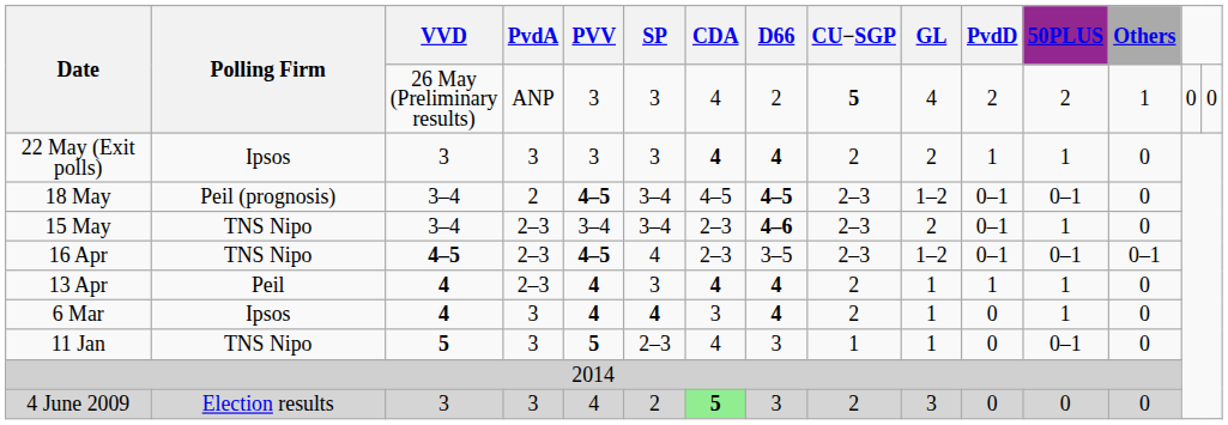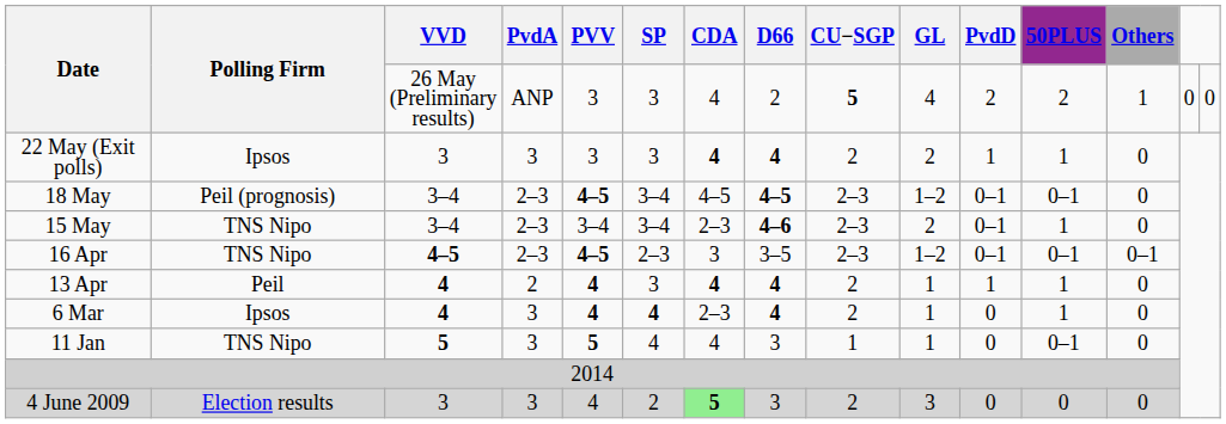 <table class="wikitable sortable" style="text-align:center;font-size:95%;line-height:14px">
 <tr style="height:42px; background:#e9e9e9;">
 <th style="width:100px;" rowspan="2">Date</th>
 <th style="width:165px;" rowspan="2">Polling Firm</th>
 <th class="unsortable" style="width:5%; background:"><a href='#'><span>VVD</span></a></th>
 <th class="unsortable" style="width:5%; background:"><a href='#'><span>PvdA</span></a></th>
 <th class="unsortable" style="width:5%; background:"><a href='#'><span>PVV</span></a></th>
 <th class="unsortable" style="width:5%; background:"><a href='#'><span>SP</span></a></th>
 <th class="unsortable" style="width:5%; background:"><a href='#'><span>CDA</span></a></th>
 <th class="unsortable" style="width:5%; background:"><a href='#'><span>D66</span></a></th>
 <th class="unsortable" style="width:5%; background:"><a href='#'><span>CU</span></a><span>−</span><a href='#'><span>SGP</span></a></th>
 <th class="unsortable" style="width:5%; background:"><a href='#'><span>GL</span></a></th>
 <th class="unsortable" style="width:5%; background:"><a href='#'><span>PvdD</span></a></th>
 <th class="unsortable" style="width:5%; background:#92278F;"><a href='#'><span>50PLUS</span></a></th>
 <th class="unsortable" style="width:5%; background:#aaa;"><a href='#'><span>Others</span></a></th>
 </tr>
 <tr>
 <td>26 May (Preliminary results)</td>
 <td>ANP</td>
 <td>3</td>
 <td>3</td>
 <td>4</td>
 <td>2</td>
 <td style=background:><strong>5</strong></td>
 <td>4</td>
 <td>2</td>
 <td>2</td>
 <td>1</td>
 <td>0</td>
 <td>0</td>
 </tr>
 <tr>
 <td>22 May (Exit polls)</td>
 <td>Ipsos</td>
 <td>3</td>
 <td>3</td>
 <td>3</td>
 <td>3</td>
 <td><strong>4</strong></td>
 <td><strong>4</strong></td>
 <td>2</td>
 <td>2</td>
 <td>1</td>
 <td>1</td>
 <td>0</td>
 </tr>
 <tr>
 <td>18 May</td>
 <td>Peil (prognosis)</td>
 <td>3–4</td>
-<td>2</td>
+<td>2–3</td>
 <td><strong>4–5</strong></td>
 <td>3–4</td>
 <td>4–5</td>
 <td><strong>4–5</strong></td>
 <td>2–3</td>
 <td>1–2</td>
 <td>0–1</td>
 <td>0–1</td>
 <td>0</td>
 </tr>
 <tr>
 <td>15 May</td>
 <td>TNS Nipo</td>
 <td>3–4</td>
 <td>2–3</td>
 <td>3–4</td>
 <td>3–4</td>
 <td>2–3</td>
 <td style=background:><strong>4–6</strong></td>
 <td>2–3</td>
 <td>2</td>
 <td>0–1</td>
 <td>1</td>
 <td>0</td>
 </tr>
 <tr>
 <td>16 Apr</td>
 <td>TNS Nipo</td>
 <td><strong>4–5</strong></td>
 <td>2–3</td>
 <td><strong>4–5</strong></td>
-<td>4</td>
 <td>2–3</td>
+<td>3</td>
 <td>3–5</td>
 <td>2–3</td>
 <td>1–2</td>
 <td>0–1</td>
 <td>0–1</td>
 <td>0–1</td>
 </tr>
 <tr>
 <td>13 Apr</td>
 <td>Peil</td>
 <td><strong>4</strong></td>
-<td>2–3</td>
+<td>2</td>
 <td><strong>4</strong></td>
 <td>3</td>
 <td><strong>4</strong></td>
 <td><strong>4</strong></td>
 <td>2</td>
 <td>1</td>
 <td>1</td>
 <td>1</td>
 <td>0</td>
 </tr>
 <tr>
 <td>6 Mar</td>
 <td>Ipsos</td>
 <td><strong>4</strong></td>
 <td>3</td>
 <td><strong>4</strong></td>
 <td><strong>4</strong></td>
-<td>3</td>
+<td>2–3</td>
 <td><strong>4</strong></td>
 <td>2</td>
 <td>1</td>
 <td>0</td>
 <td>1</td>
 <td>0</td>
 </tr>
 <tr>
 <td>11 Jan</td>
 <td>TNS Nipo</td>
 <td><strong>5</strong></td>
 <td>3</td>
 <td><strong>5</strong></td>
-<td>2–3</td>
+<td>4</td>
 <td>4</td>
 <td>3</td>
 <td>1</td>
 <td>1</td>
 <td>0</td>
 <td>0–1</td>
 <td>0</td>
 </tr>
 <tr>
 <td colspan="13" style="background:#D0D0D0; color:black">2014</td>
 </tr>
 <tr>
 <td style="background:#D5D5D5">4 June 2009</td>
 <td style="background:#D5D5D5"><a href='#'>Election</a> results</td>
 <td style="background:#D5D5D5">3</td>
 <td style="background:#D5D5D5">3</td>
 <td style="background:#D5D5D5">4</td>
 <td style="background:#D5D5D5">2</td>
 <td style="background:lightgreen"><strong>5</strong></td>
 <td style="background:#D5D5D5">3</td>
 <td style="background:#D5D5D5">2</td>
 <td style="background:#D5D5D5">3</td>
 <td style="background:#D5D5D5">0</td>
 <td style="background:#D5D5D5">0</td>
 <td style="background:#D5D5D5">0</td>
 </tr>
 </table>
